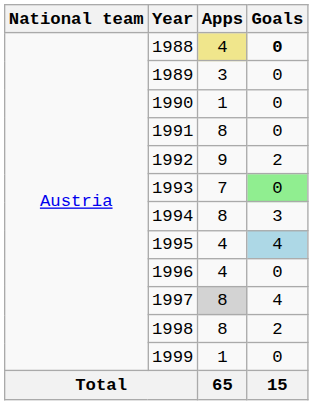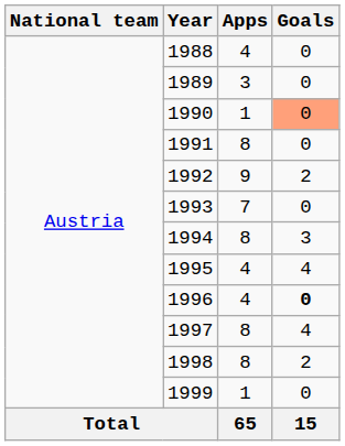 <table class="wikitable" style="text-align:center">
 <tr>
 <th>National team</th>
 <th>Year</th>
 <th>Apps</th>
 <th>Goals</th>
 </tr>
 <tr>
 <td rowspan="12"><a href='#'>Austria</a></td>
 <td>1988</td>
-<td style="background: khaki;">4</td>
-<td><strong>0</strong></td>
+<td>4</td>
+<td>0</td>
 </tr>
 <tr>
 <td>1989</td>
 <td>3</td>
 <td>0</td>
 </tr>
 <tr>
 <td>1990</td>
 <td>1</td>
-<td>0</td>
+<td style="background: lightsalmon;">0</td>
 </tr>
 <tr>
 <td>1991</td>
 <td>8</td>
 <td>0</td>
 </tr>
 <tr>
 <td>1992</td>
 <td>9</td>
 <td>2</td>
 </tr>
 <tr>
 <td>1993</td>
 <td>7</td>
-<td style="background: lightgreen;">0</td>
+<td>0</td>
 </tr>
 <tr>
 <td>1994</td>
 <td>8</td>
 <td>3</td>
 </tr>
 <tr>
 <td>1995</td>
 <td>4</td>
-<td style="background: lightblue;">4</td>
+<td>4</td>
 </tr>
 <tr>
 <td>1996</td>
 <td>4</td>
-<td>0</td>
+<td><strong>0</strong></td>
 </tr>
 <tr>
 <td>1997</td>
-<td style="background: lightgrey;">8</td>
+<td>8</td>
 <td>4</td>
 </tr>
 <tr>
 <td>1998</td>
 <td>8</td>
 <td>2</td>
 </tr>
 <tr>
 <td>1999</td>
 <td>1</td>
 <td>0</td>
 </tr>
 <tr>
 <th colspan="2">Total</th>
 <th>65</th>
 <th>15</th>
 </tr>
 </table>
